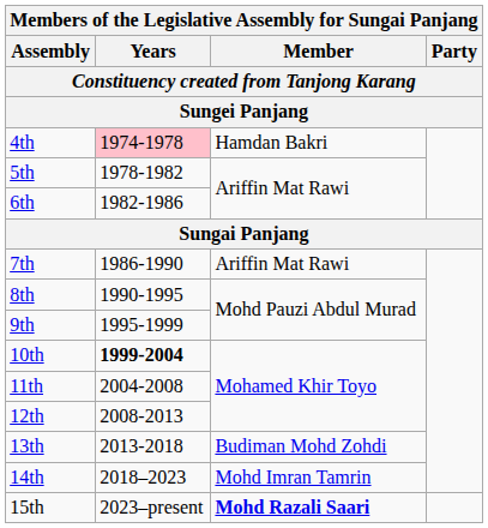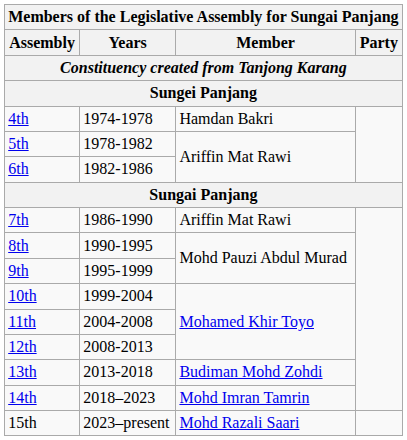 <table class=wikitable>
 <tr>
 <th colspan=4>Members of the Legislative Assembly for Sungai Panjang</th>
 </tr>
 <tr>
 <th>Assembly</th>
 <th>Years</th>
 <th>Member</th>
 <th>Party</th>
 </tr>
 <tr>
 <th colspan=4 align=center><em>Constituency created from Tanjong Karang</em></th>
 </tr>
 <tr>
 <th colspan=4 align=center>Sungei Panjang</th>
 </tr>
 <tr>
 <td><a href='#'>4th</a></td>
-<td style="background: pink;">1974-1978</td>
+<td>1974-1978</td>
 <td>Hamdan Bakri</td>
 <td rowspan=3></td>
 </tr>
 <tr>
 <td><a href='#'>5th</a></td>
 <td>1978-1982</td>
 <td rowspan=2>Ariffin Mat Rawi</td>
 </tr>
 <tr>
 <td><a href='#'>6th</a></td>
 <td>1982-1986</td>
 </tr>
 <tr>
 <th colspan=4 align=center>Sungai Panjang</th>
 </tr>
 <tr>
 <td><a href='#'>7th</a></td>
 <td>1986-1990</td>
 <td>Ariffin Mat Rawi</td>
 <td rowspan=8></td>
 </tr>
 <tr>
 <td><a href='#'>8th</a></td>
 <td>1990-1995</td>
 <td rowspan=2>Mohd Pauzi Abdul Murad</td>
 </tr>
 <tr>
 <td><a href='#'>9th</a></td>
 <td>1995-1999</td>
 </tr>
 <tr>
 <td><a href='#'>10th</a></td>
-<td><strong>1999-2004</strong></td>
+<td>1999-2004</td>
 <td rowspan=3><a href='#'>Mohamed Khir Toyo</a></td>
 </tr>
 <tr>
 <td><a href='#'>11th</a></td>
 <td>2004-2008</td>
 </tr>
 <tr>
 <td><a href='#'>12th</a></td>
 <td>2008-2013</td>
 </tr>
 <tr>
 <td><a href='#'>13th</a></td>
 <td>2013-2018</td>
 <td><a href='#'>Budiman Mohd Zohdi</a></td>
 </tr>
 <tr>
 <td><a href='#'>14th</a></td>
 <td>2018–2023</td>
 <td><a href='#'>Mohd Imran Tamrin</a></td>
 </tr>
 <tr>
 <td>15th</td>
 <td>2023–present</td>
-<td><strong><a href='#'>Mohd Razali Saari</a></strong></td>
+<td><a href='#'>Mohd Razali Saari</a></td>
 <td></td>
 </tr>
 </table>
